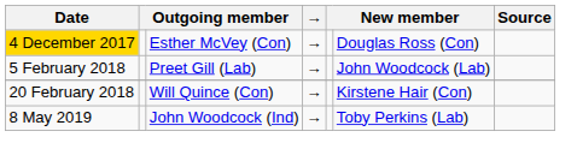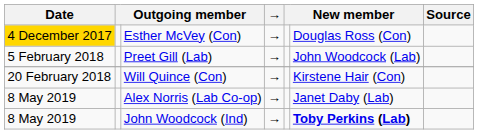 <table class="wikitable">
 <tr>
 <th valign="top">Date</th>
 <th colspan="2" valign="top">Outgoing member</th>
 <th>→</th>
 <th colspan="2" valign="top">New member</th>
 <th valign="top">Source</th>
 </tr>
 <tr>
 <td style="background: gold;">4 December 2017</td>
 <td style="color:inherit;background:"></td>
 <td><a href='#'>Esther McVey</a> (<a href='#'>Con</a>)</td>
 <td>→</td>
 <td style="color:inherit;background:"></td>
 <td><a href='#'>Douglas Ross</a> (<a href='#'>Con</a>)</td>
 <td></td>
 </tr>
 <tr>
 <td>5 February 2018</td>
 <td style="color:inherit;background:"></td>
 <td><a href='#'>Preet Gill</a> (<a href='#'>Lab</a>)</td>
 <td>→</td>
 <td style="color:inherit;background:"></td>
 <td><a href='#'>John Woodcock</a> (<a href='#'>Lab</a>)</td>
 <td></td>
 </tr>
 <tr>
 </tr>
 <tr>
 <td>20 February 2018</td>
 <td style="color:inherit;background:"></td>
 <td><a href='#'>Will Quince</a> (<a href='#'>Con</a>)</td>
 <td>→</td>
 <td style="color:inherit;background:"></td>
 <td><a href='#'>Kirstene Hair</a> (<a href='#'>Con</a>)</td>
 <td></td>
 </tr>
 <tr>
 <td>8 May 2019</td>
 <td style="color:inherit;background:"></td>
+<td><a href='#'>Alex Norris</a> (<a href='#'>Lab Co-op</a>)</td>
+<td>→</td>
+<td style="color:inherit;background:"></td>
+<td><a href='#'>Janet Daby</a> (<a href='#'>Lab</a>)</td>
+<td></td>
+</tr>
+<tr>
+<td>8 May 2019</td>
+<td style="color:inherit;background:"></td>
 <td><a href='#'>John Woodcock</a> (<a href='#'>Ind</a>)</td>
 <td>→</td>
 <td style="color:inherit;background:"></td>
-<td><a href='#'>Toby Perkins</a> (<a href='#'>Lab</a>)</td>
+<td><strong><a href='#'>Toby Perkins</a> (<a href='#'>Lab</a>)</strong></td>
 <td></td>
 </tr>
 </table>
